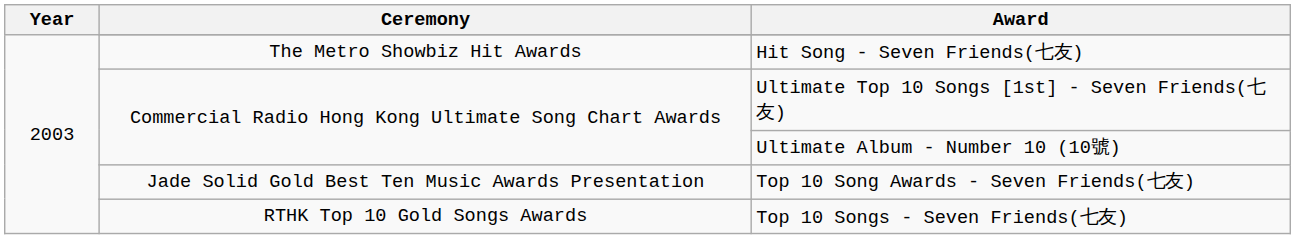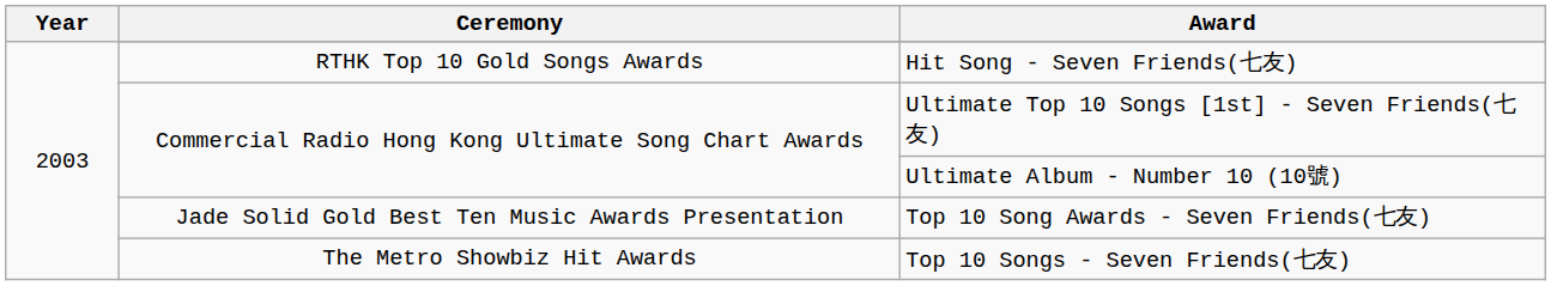 <table class="wikitable">
 <tr>
 <th width=60>Year</th>
 <th width="450">Ceremony</th>
 <th width="370">Award</th>
 </tr>
 <tr>
 <td rowspan = "6" align="center">2003</td>
 </tr>
 <tr>
-<td align="center">The Metro Showbiz Hit Awards</td>
+<td align="center">RTHK Top 10 Gold Songs Awards</td>
 <td>Hit Song - Seven Friends(七友)</td>
 </tr>
 <tr>
 <td rowspan = "2" align="center">Commercial Radio Hong Kong Ultimate Song Chart Awards</td>
 <td>Ultimate Top 10 Songs [1st] - Seven Friends(七友)</td>
 </tr>
 <tr>
 <td>Ultimate Album - Number 10 (10號)</td>
 </tr>
 <tr>
 <td align="center">Jade Solid Gold Best Ten Music Awards Presentation</td>
 <td>Top 10 Song Awards - Seven Friends(七友)</td>
 </tr>
 <tr>
-<td align="center">RTHK Top 10 Gold Songs Awards</td>
+<td align="center">The Metro Showbiz Hit Awards</td>
 <td>Top 10 Songs - Seven Friends(七友)</td>
 </tr>
 </table>
